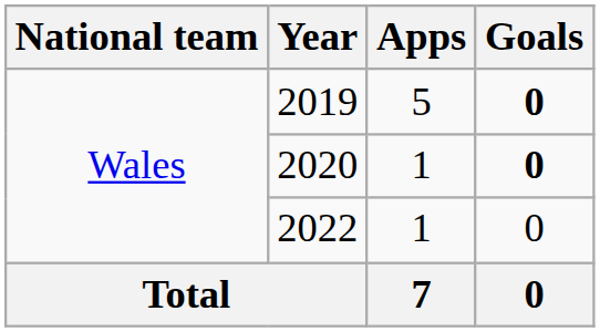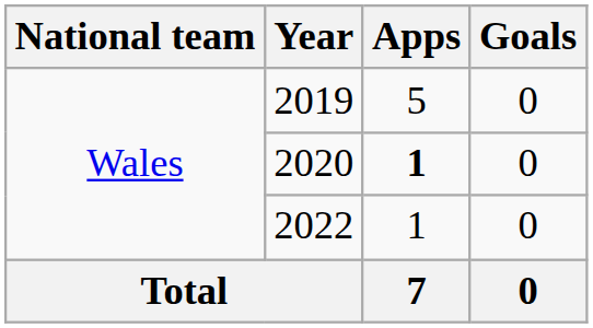 <table class=wikitable style=text-align:center>
 <tr>
 <th>National team</th>
 <th>Year</th>
 <th>Apps</th>
 <th>Goals</th>
 </tr>
 <tr>
 <td rowspan=3><a href='#'>Wales</a></td>
 <td>2019</td>
 <td>5</td>
-<td><strong>0</strong></td>
+<td>0</td>
 </tr>
 <tr>
 <td>2020</td>
-<td>1</td>
-<td><strong>0</strong></td>
+<td><strong>1</strong></td>
+<td>0</td>
 </tr>
 <tr>
 <td>2022</td>
 <td>1</td>
 <td>0</td>
 </tr>
 <tr>
 <th colspan=2>Total</th>
 <th>7</th>
 <th>0</th>
 </tr>
 </table>
